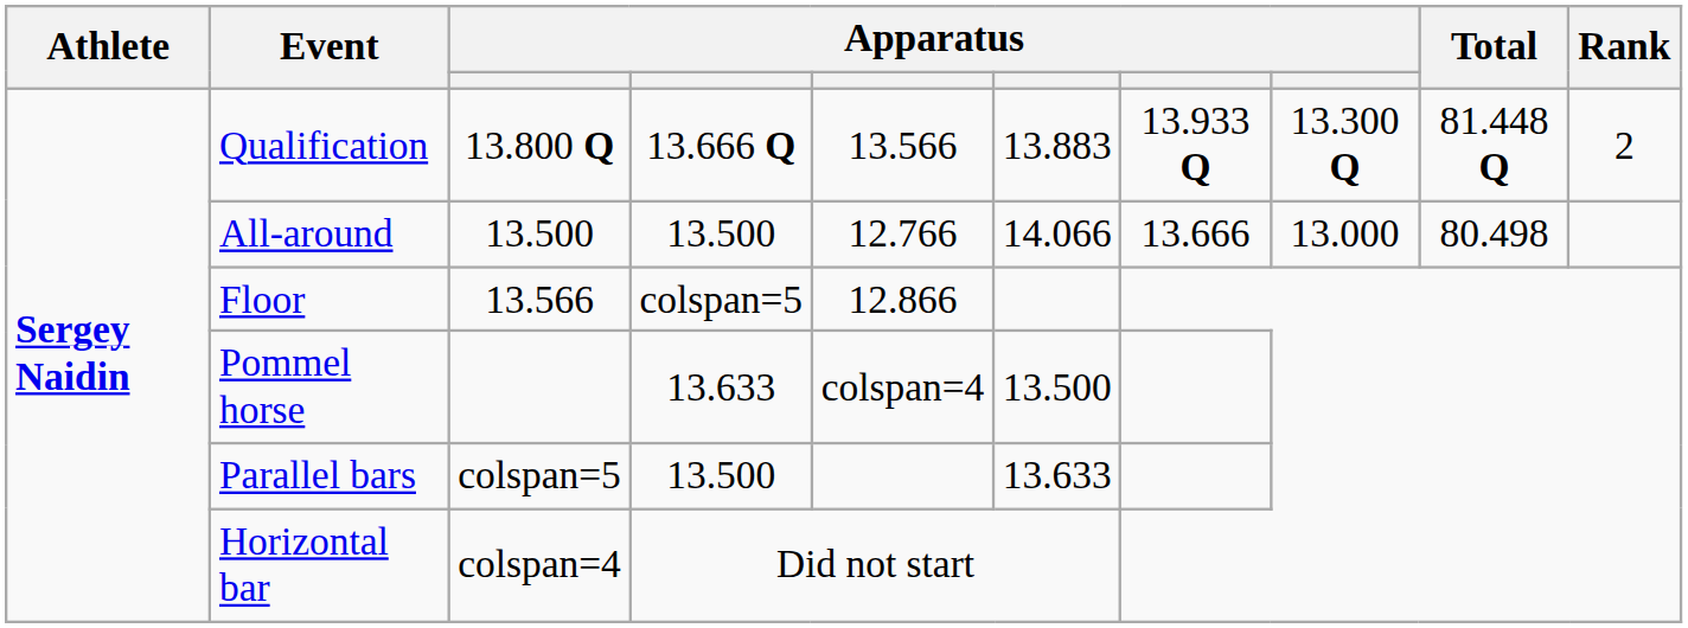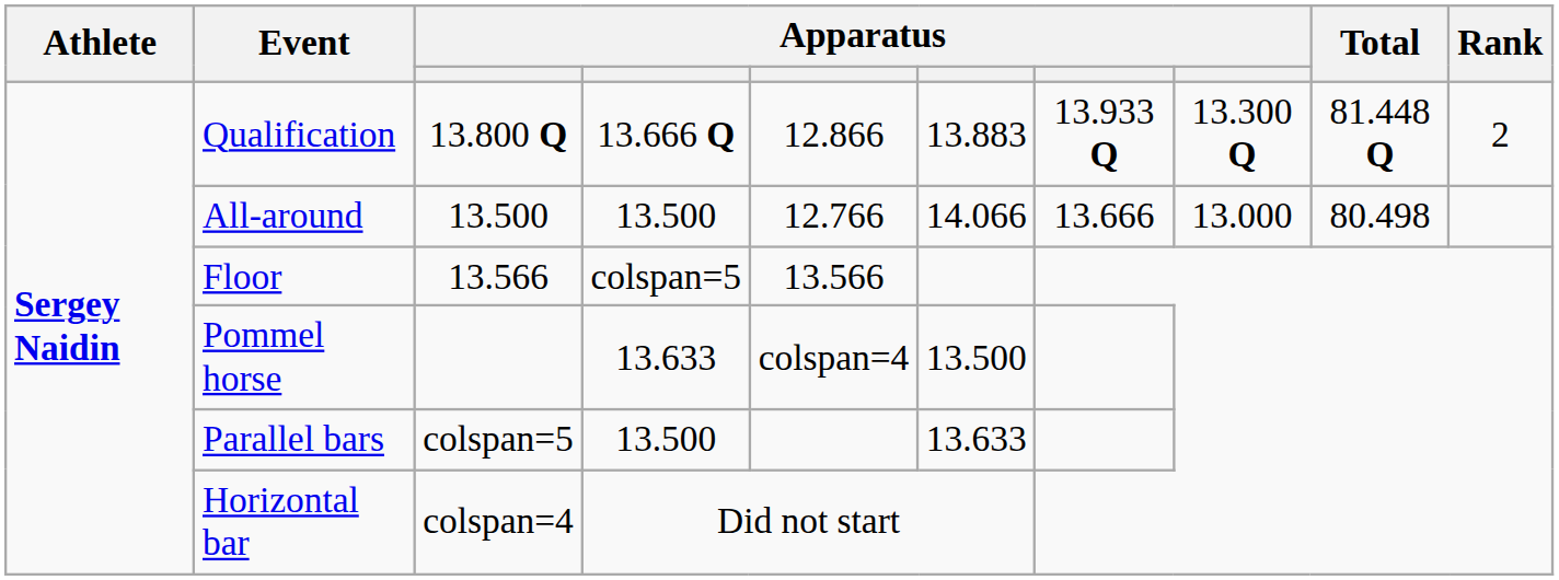 <table class="wikitable" style="text-align:center;font-size:90%">
 <tr>
 <th rowspan=2>Athlete</th>
 <th rowspan=2>Event</th>
 <th colspan=6>Apparatus</th>
 <th rowspan=2>Total</th>
 <th rowspan=2>Rank</th>
 </tr>
 <tr style="font-size:95%">
 <th></th>
 <th></th>
 <th></th>
 <th></th>
 <th></th>
 <th></th>
 </tr>
 <tr>
 <td rowspan=6 align=left><strong><a href='#'>Sergey Naidin</a></strong></td>
 <td align=left><a href='#'>Qualification</a></td>
 <td>13.800 <strong>Q</strong></td>
 <td>13.666 <strong>Q</strong></td>
-<td>13.566</td>
+<td>12.866</td>
 <td>13.883</td>
 <td>13.933 <strong>Q</strong></td>
 <td>13.300 <strong>Q</strong></td>
 <td>81.448 <strong>Q</strong></td>
 <td>2</td>
 </tr>
 <tr>
 <td align=left><a href='#'>All-around</a></td>
 <td>13.500</td>
 <td>13.500</td>
 <td>12.766</td>
 <td>14.066</td>
 <td>13.666</td>
 <td>13.000</td>
 <td>80.498</td>
 <td></td>
 </tr>
 <tr>
 <td align=left><a href='#'>Floor</a></td>
 <td>13.566</td>
 <td>colspan=5 </td>
-<td>12.866</td>
+<td>13.566</td>
 <td></td>
 </tr>
 <tr>
 <td align=left><a href='#'>Pommel horse</a></td>
 <td></td>
 <td>13.633</td>
 <td>colspan=4 </td>
 <td>13.500</td>
 <td></td>
 </tr>
 <tr>
 <td align=left><a href='#'>Parallel bars</a></td>
 <td>colspan=5 </td>
 <td>13.500</td>
 <td></td>
 <td>13.633</td>
 <td></td>
 </tr>
 <tr>
 <td align=left><a href='#'>Horizontal bar</a></td>
 <td>colspan=4 </td>
 <td colspan=3>Did not start</td>
 </tr>
 </table>
